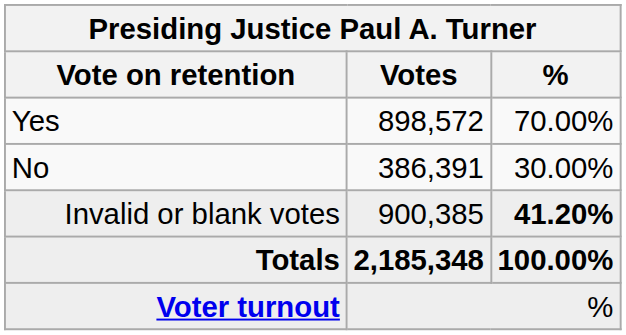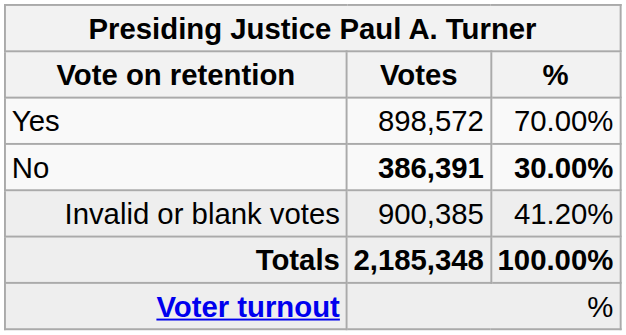 <table class="wikitable" style="font-size: 95%;">
 <tr style="background-color:#E9E9E9">
 <th colspan=7>Presiding Justice Paul A. Turner</th>
 </tr>
 <tr style="background-color:#E9E9E9">
 <th style="width: 170px">Vote on retention</th>
 <th style="width: 50px">Votes</th>
 <th style="width: 40px">%</th>
 </tr>
 <tr>
 <td>Yes</td>
 <td align="right">898,572</td>
 <td align="right">70.00%</td>
 </tr>
 <tr>
 <td>No</td>
-<td align="right">386,391</td>
-<td align="right">30.00%</td>
+<td align="right"><strong>386,391</strong></td>
+<td align="right"><strong>30.00%</strong></td>
 </tr>
 <tr bgcolor="#EEEEEE">
 <td align="right">Invalid or blank votes</td>
 <td align="right">900,385</td>
-<td align="right"><strong>41.20%</strong></td>
+<td align="right">41.20%</td>
 </tr>
 <tr bgcolor="#EEEEEE">
 <td align="right"><strong>Totals</strong></td>
 <td align="right"><strong>2,185,348</strong></td>
 <td align="right"><strong>100.00%</strong></td>
 </tr>
 <tr bgcolor="#EEEEEE">
 <td align="right"><strong><a href='#'>Voter turnout</a></strong></td>
 <td colspan="2" align="right">%</td>
 </tr>
 </table>
